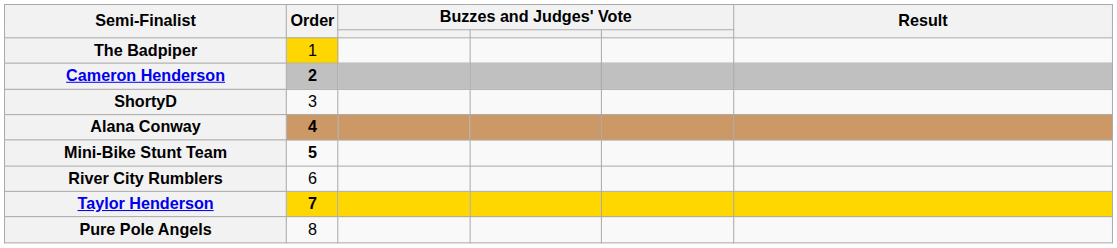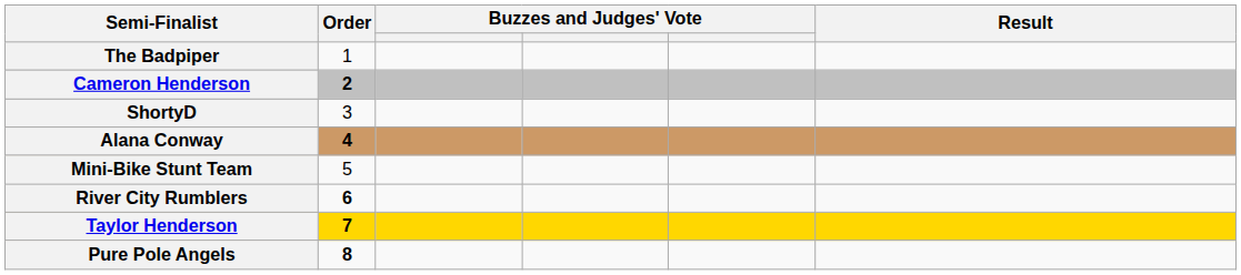 <table class="wikitable plainrowheaders sortable" style="text-align:center;">
 <tr>
 <th scope="col" rowspan=2 class="unsortable" style="width:17em;">Semi-Finalist</th>
 <th scope="col" rowspan=2 style="width:1em;">Order</th>
 <th scope="col" colspan=3 class="unsortable" style="width:24em;">Buzzes and Judges' Vote</th>
 <th scope="col" rowspan=2 style="width:23em;">Result</th>
 </tr>
 <tr>
 <th scope="col" class="unsortable" style="width:6em;"></th>
 <th scope="col" class="unsortable" style="width:6em;"></th>
 <th scope="col" class="unsortable" style="width:6em;"></th>
 </tr>
 <tr>
 <th scope="row">The Badpiper</th>
-<td style="background: gold;">1</td>
+<td>1</td>
 <td style="text-align:center;"></td>
 <td style="text-align:center;"></td>
 <td style="text-align:center;"></td>
 <td></td>
 </tr>
 <tr bgcolor=silver>
 <th scope="row"><strong><a href='#'>Cameron Henderson</a></strong></th>
 <td><strong>2</strong></td>
 <td style="text-align:center;"></td>
 <td style="text-align:center;"></td>
 <td style="text-align:center;"></td>
 <td><strong></strong></td>
 </tr>
 <tr>
 <th scope="row">ShortyD</th>
 <td>3</td>
 <td style="text-align:center;"></td>
 <td style="text-align:center;"></td>
 <td style="text-align:center;"></td>
 <td></td>
 </tr>
 <tr bgcolor=#c96>
 <th scope="row"><strong>Alana Conway</strong></th>
 <td><strong>4</strong></td>
 <td style="text-align:center;"></td>
 <td style="text-align:center;"></td>
 <td style="text-align:center;"></td>
 <td><strong></strong></td>
 </tr>
 <tr>
 <th scope="row">Mini-Bike Stunt Team</th>
-<td><strong>5</strong></td>
+<td>5</td>
 <td style="text-align:center;"></td>
 <td style="text-align:center;"></td>
 <td style="text-align:center;"></td>
 <td></td>
 </tr>
 <tr>
 <th scope="row">River City Rumblers</th>
-<td>6</td>
+<td><strong>6</strong></td>
 <td style="text-align:center;"></td>
 <td style="text-align:center;"></td>
 <td style="text-align:center;"></td>
 <td></td>
 </tr>
 <tr bgcolor=gold>
 <th scope="row"><strong><a href='#'>Taylor Henderson</a></strong></th>
 <td><strong>7</strong></td>
 <td style="text-align:center;"></td>
 <td style="text-align:center;"></td>
 <td style="text-align:center;"></td>
 <td><strong></strong></td>
 </tr>
 <tr>
 <th scope="row">Pure Pole Angels</th>
-<td>8</td>
+<td><strong>8</strong></td>
 <td style="text-align:center;"></td>
 <td style="text-align:center;"></td>
 <td style="text-align:center;"></td>
 <td></td>
 </tr>
 </table>
